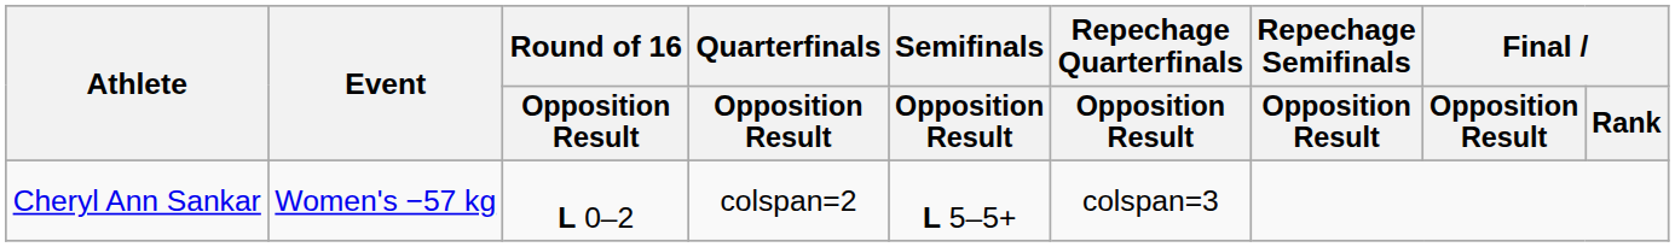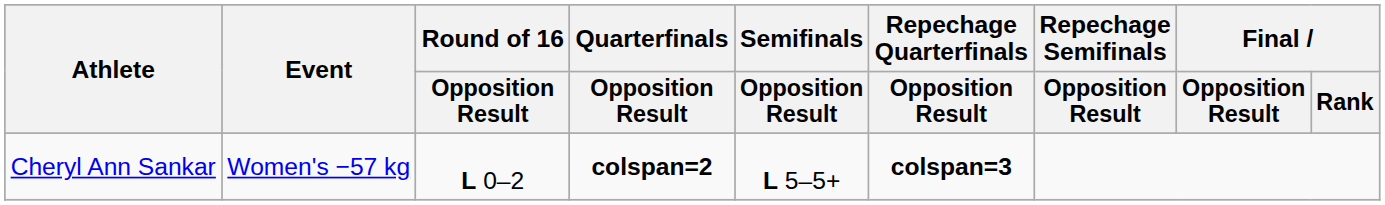 <table class=wikitable style=font-size:90%;text-align:center>
 <tr>
 <th rowspan=2>Athlete</th>
 <th rowspan=2>Event</th>
 <th>Round of 16</th>
 <th>Quarterfinals</th>
 <th>Semifinals</th>
 <th>Repechage<br>Quarterfinals</th>
 <th>Repechage<br>Semifinals</th>
 <th colspan=2>Final / </th>
 </tr>
 <tr style=font-size:95%>
 <th>Opposition<br>Result</th>
 <th>Opposition<br>Result</th>
 <th>Opposition<br>Result</th>
 <th>Opposition<br>Result</th>
 <th>Opposition<br>Result</th>
 <th>Opposition<br>Result</th>
 <th>Rank</th>
 </tr>
 <tr>
 <td align=left><a href='#'>Cheryl Ann Sankar</a></td>
 <td align=left><a href='#'>Women's −57 kg</a></td>
 <td><br><strong>L</strong> 0–2</td>
-<td>colspan=2 </td>
+<td><strong>colspan=2 </strong></td>
 <td><br><strong>L</strong> 5–5+</td>
-<td>colspan=3 </td>
+<td><strong>colspan=3 </strong></td>
 </tr>
 </table>
